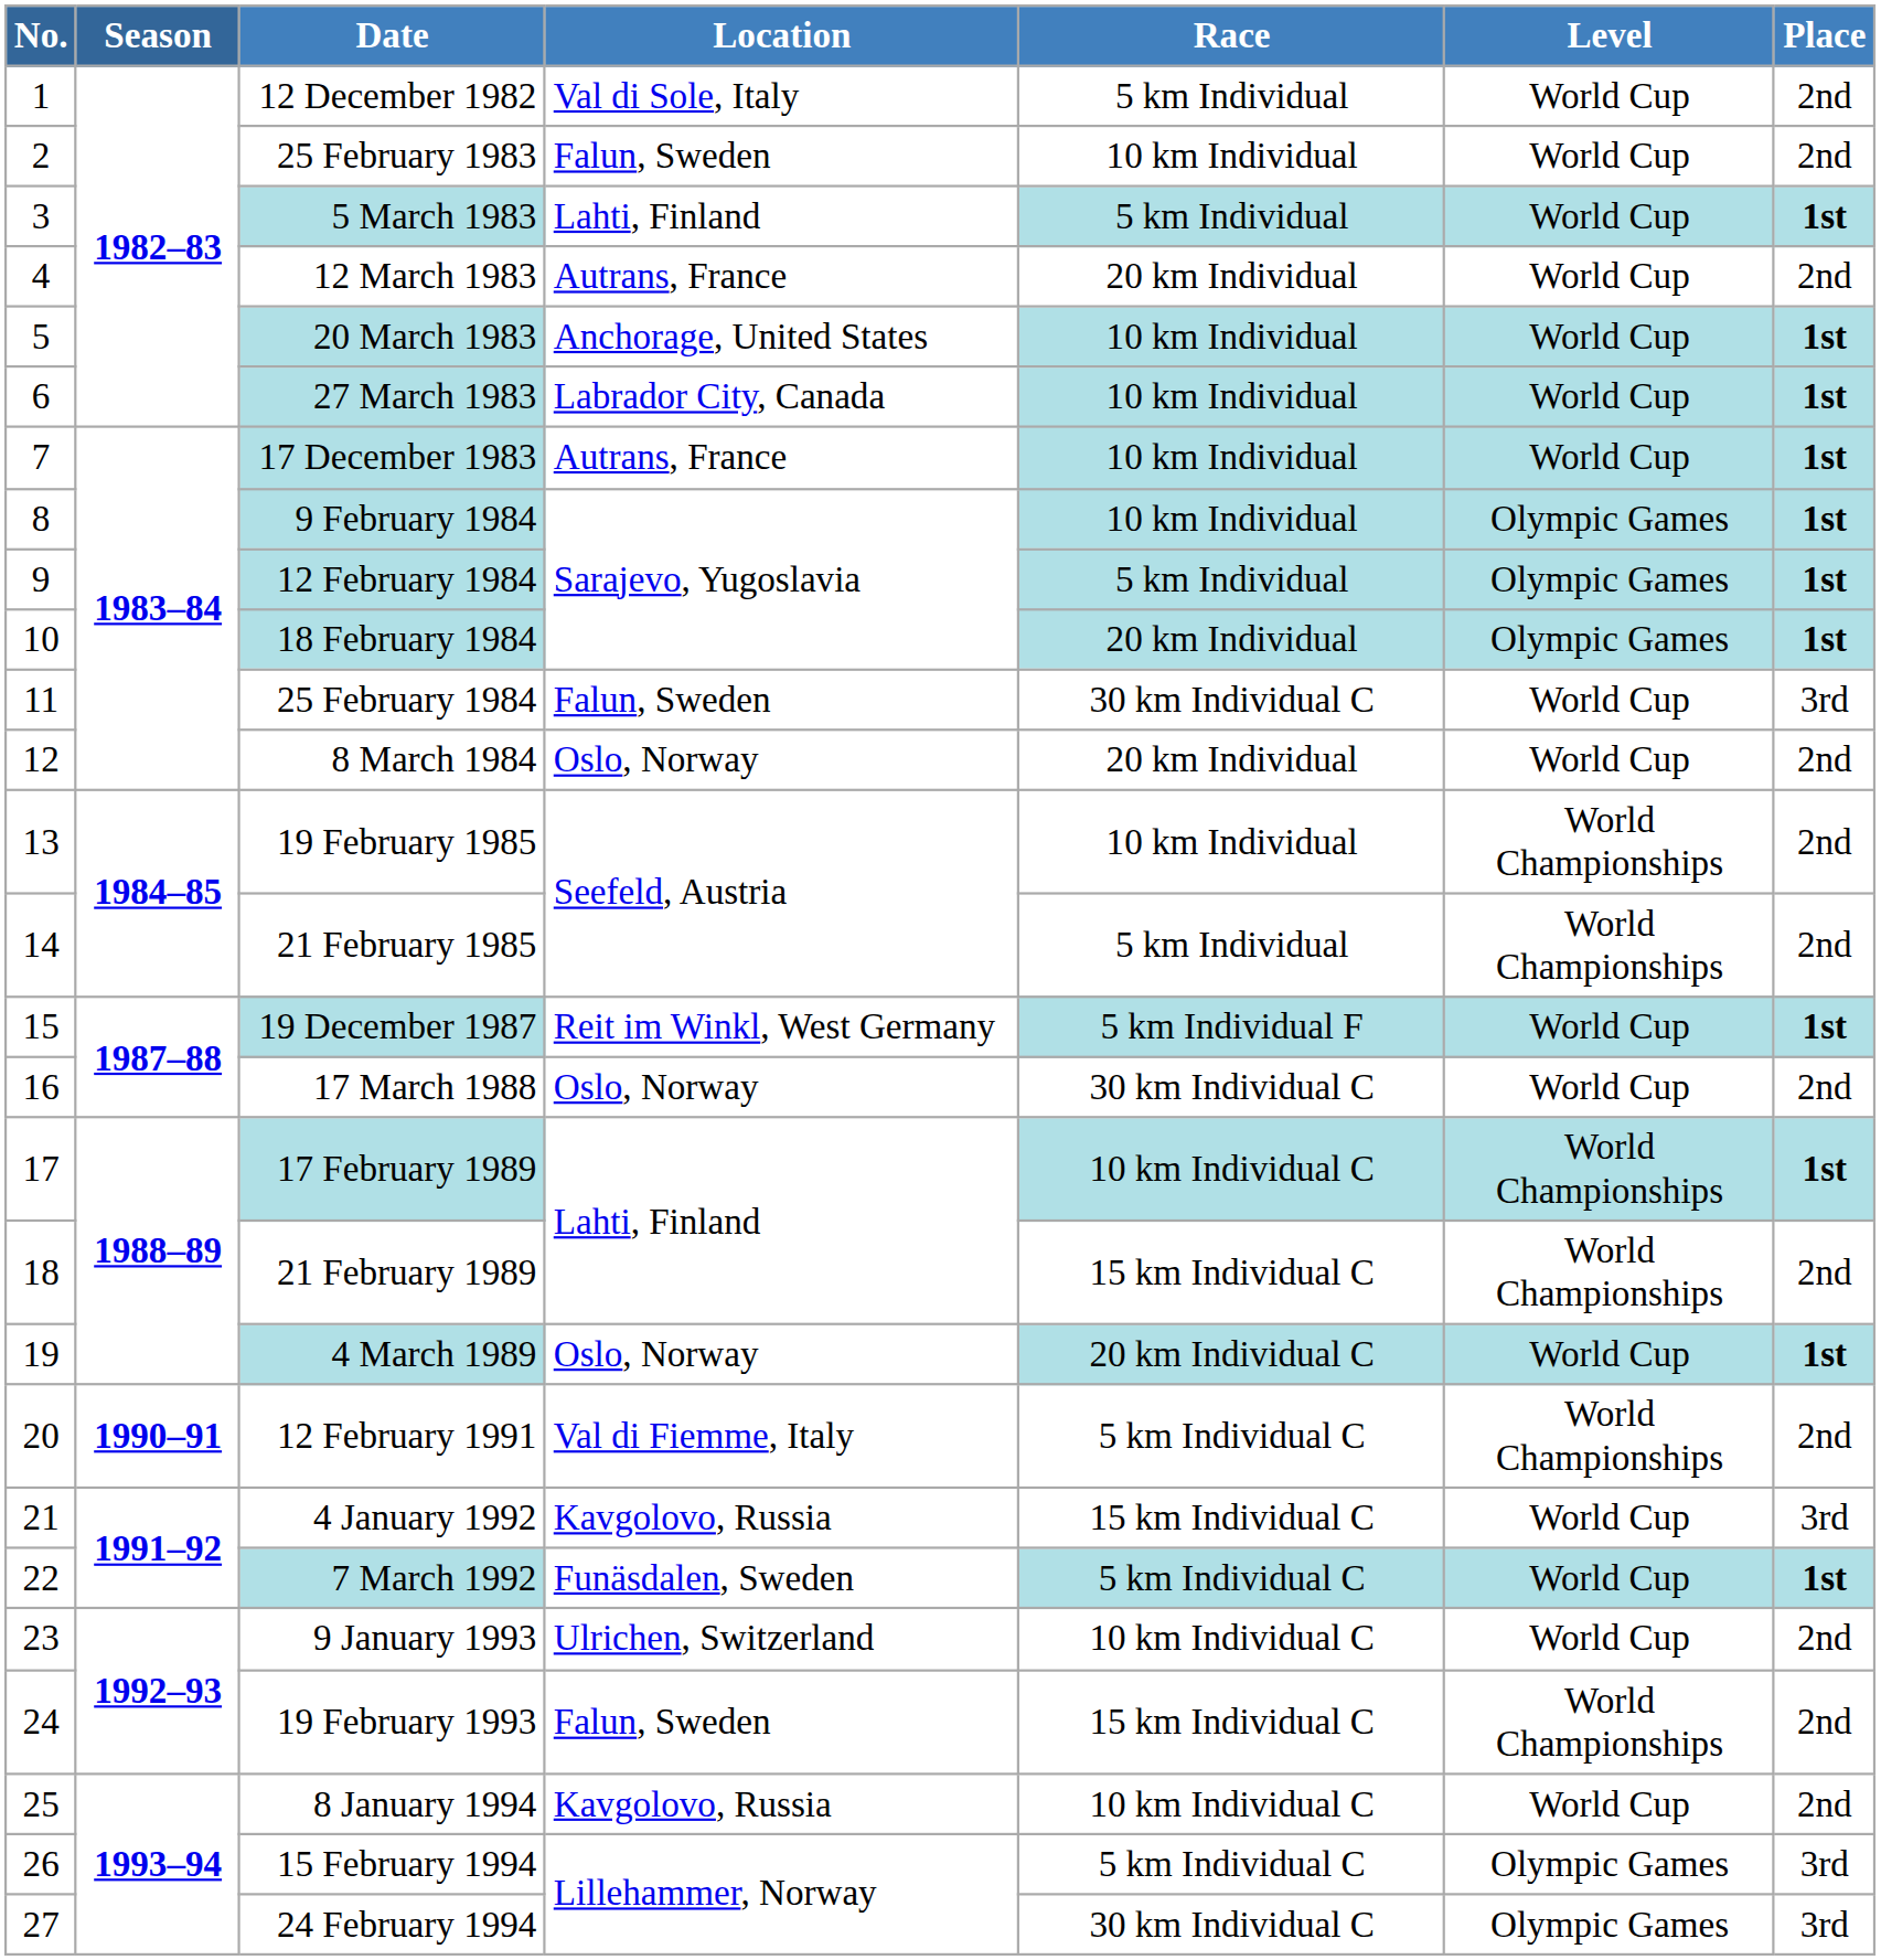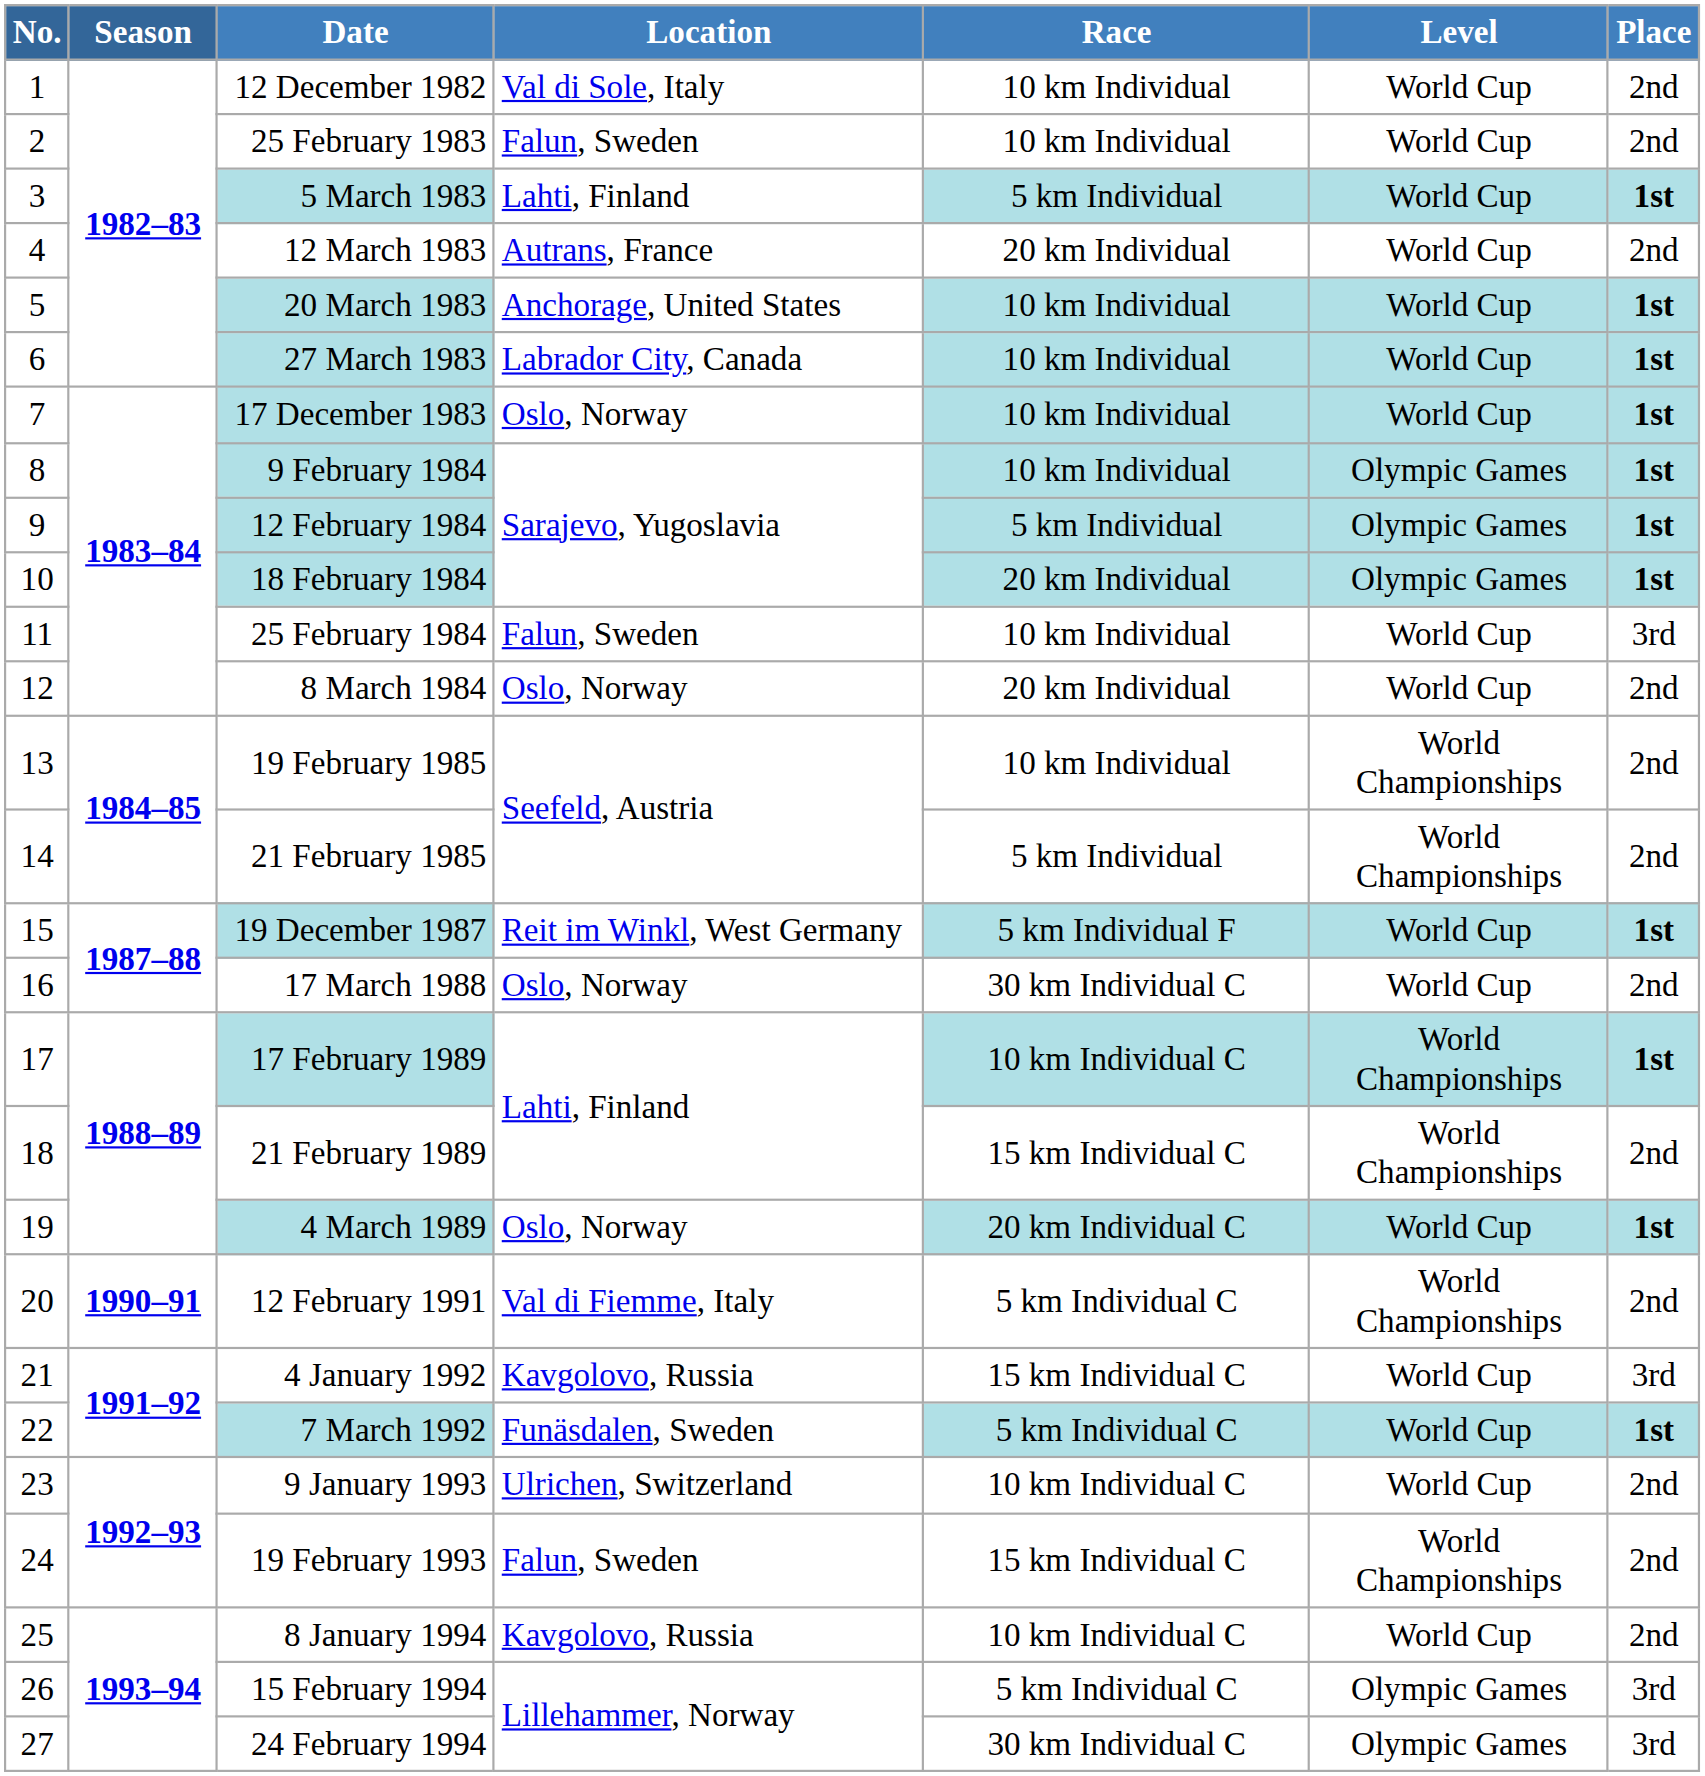 <table class="wikitable sortable" style="font-size:95%; text-align:center; border:grey solid 1px; border-collapse:collapse; background:#ffffff;">
 <tr style="background:#efefef;">
 <th style="background-color:#369; color:white;">No.</th>
 <th style="background-color:#369; color:white;">Season</th>
 <th style="background-color:#4180be; color:white; width:120px;">Date</th>
 <th style="background-color:#4180be; color:white; width:190px;">Location</th>
 <th style="background-color:#4180be; color:white; width:170px;">Race</th>
 <th style="background-color:#4180be; color:white; width:130px;">Level</th>
 <th style="background-color:#4180be; color:white;">Place</th>
 </tr>
 <tr>
 <td align=center>1</td>
 <td rowspan=6 align=center><strong> <a href='#'>1982–83</a> </strong></td>
 <td align=right>12 December 1982</td>
 <td align=left> <a href='#'>Val di Sole</a>, Italy</td>
-<td>5 km Individual</td>
+<td>10 km Individual</td>
 <td>World Cup</td>
 <td>2nd</td>
 </tr>
 <tr>
 <td align=center>2</td>
 <td align=right>25 February 1983</td>
 <td align=left> <a href='#'>Falun</a>, Sweden</td>
 <td>10 km Individual</td>
 <td>World Cup</td>
 <td>2nd</td>
 </tr>
 <tr>
 <td align=center>3</td>
 <td bgcolor="#BOEOE6" align=right>5 March 1983</td>
 <td align=left> <a href='#'>Lahti</a>, Finland</td>
 <td bgcolor="#BOEOE6">5 km Individual</td>
 <td bgcolor="#BOEOE6">World Cup</td>
 <td bgcolor="#BOEOE6"><strong>1st</strong></td>
 </tr>
 <tr>
 <td align=center>4</td>
 <td align=right>12 March 1983</td>
 <td align=left> <a href='#'>Autrans</a>, France</td>
 <td>20 km Individual</td>
 <td>World Cup</td>
 <td>2nd</td>
 </tr>
 <tr>
 <td align=center>5</td>
 <td bgcolor="#BOEOE6" align=right>20 March 1983</td>
 <td align=left> <a href='#'>Anchorage</a>, United States</td>
 <td bgcolor="#BOEOE6">10 km Individual</td>
 <td bgcolor="#BOEOE6">World Cup</td>
 <td bgcolor="#BOEOE6"><strong>1st</strong></td>
 </tr>
 <tr>
 <td align=center>6</td>
 <td bgcolor="#BOEOE6" align=right>27 March 1983</td>
 <td align=left> <a href='#'>Labrador City</a>, Canada</td>
 <td bgcolor="#BOEOE6">10 km Individual</td>
 <td bgcolor="#BOEOE6">World Cup</td>
 <td bgcolor="#BOEOE6"><strong>1st</strong></td>
 </tr>
 <tr>
 <td align=center>7</td>
 <td rowspan=6 align=center><strong><a href='#'>1983–84</a></strong></td>
 <td bgcolor="#BOEOE6" align=right>17 December 1983</td>
-<td align=left> <a href='#'>Autrans</a>, France</td>
+<td align=left> <a href='#'>Oslo</a>, Norway</td>
 <td bgcolor="#BOEOE6">10 km Individual</td>
 <td bgcolor="#BOEOE6">World Cup</td>
 <td bgcolor="#BOEOE6"><strong>1st</strong></td>
 </tr>
 <tr>
 <td align=center>8</td>
 <td bgcolor="#BOEOE6" align=right>9 February 1984</td>
 <td rowspan=3 align=left> <a href='#'>Sarajevo</a>, Yugoslavia</td>
 <td bgcolor="#BOEOE6">10 km Individual</td>
 <td bgcolor="#BOEOE6">Olympic Games</td>
 <td bgcolor="#BOEOE6"><strong>1st</strong></td>
 </tr>
 <tr>
 <td align=center>9</td>
 <td bgcolor="#BOEOE6" align=right>12 February 1984</td>
 <td bgcolor="#BOEOE6">5 km Individual</td>
 <td bgcolor="#BOEOE6">Olympic Games</td>
 <td bgcolor="#BOEOE6"><strong>1st</strong></td>
 </tr>
 <tr>
 <td align=center>10</td>
 <td bgcolor="#BOEOE6" align=right>18 February 1984</td>
 <td bgcolor="#BOEOE6">20 km Individual</td>
 <td bgcolor="#BOEOE6">Olympic Games</td>
 <td bgcolor="#BOEOE6"><strong>1st</strong></td>
 </tr>
 <tr>
 <td align=center>11</td>
 <td align=right>25 February 1984</td>
 <td align=left> <a href='#'>Falun</a>, Sweden</td>
-<td>30 km Individual C</td>
+<td>10 km Individual</td>
 <td>World Cup</td>
 <td>3rd</td>
 </tr>
 <tr>
 <td align=center>12</td>
 <td align=right>8 March 1984</td>
 <td align=left> <a href='#'>Oslo</a>, Norway</td>
 <td>20 km Individual</td>
 <td>World Cup</td>
 <td>2nd</td>
 </tr>
 <tr>
 <td align=center>13</td>
 <td rowspan=2 align=center><strong> <a href='#'>1984–85</a> </strong></td>
 <td align=right>19 February 1985</td>
 <td rowspan=2 align=left> <a href='#'>Seefeld</a>, Austria</td>
 <td>10 km Individual</td>
 <td>World Championships</td>
 <td>2nd</td>
 </tr>
 <tr>
 <td align=center>14</td>
 <td align=right>21 February 1985</td>
 <td>5 km Individual</td>
 <td>World Championships</td>
 <td>2nd</td>
 </tr>
 <tr>
 <td align=center>15</td>
 <td rowspan=2 align=center><strong><a href='#'>1987–88</a></strong></td>
 <td bgcolor="#BOEOE6" align=right>19 December 1987</td>
 <td align=left> <a href='#'>Reit im Winkl</a>, West Germany</td>
 <td bgcolor="#BOEOE6">5 km Individual F</td>
 <td bgcolor="#BOEOE6">World Cup</td>
 <td bgcolor="#BOEOE6"><strong>1st</strong></td>
 </tr>
 <tr>
 <td align=center>16</td>
 <td align=right>17 March 1988</td>
 <td align=left> <a href='#'>Oslo</a>, Norway</td>
 <td>30 km Individual C</td>
 <td>World Cup</td>
 <td>2nd</td>
 </tr>
 <tr>
 <td align=center>17</td>
 <td rowspan=3 align=center><strong><a href='#'>1988–89</a></strong></td>
 <td bgcolor="#BOEOE6" align=right>17 February 1989</td>
 <td rowspan=2 align=left> <a href='#'>Lahti</a>, Finland</td>
 <td bgcolor="#BOEOE6">10 km Individual C</td>
 <td bgcolor="#BOEOE6">World Championships</td>
 <td bgcolor="#BOEOE6"><strong>1st</strong></td>
 </tr>
 <tr>
 <td align=center>18</td>
 <td align=right>21 February 1989</td>
 <td>15 km Individual C</td>
 <td>World Championships</td>
 <td>2nd</td>
 </tr>
 <tr>
 <td align=center>19</td>
 <td bgcolor="#BOEOE6" align=right>4 March 1989</td>
 <td align=left> <a href='#'>Oslo</a>, Norway</td>
 <td bgcolor="#BOEOE6">20 km Individual C</td>
 <td bgcolor="#BOEOE6">World Cup</td>
 <td bgcolor="#BOEOE6"><strong>1st</strong></td>
 </tr>
 <tr>
 <td align=center>20</td>
 <td rowspan=1 align=center><strong> <a href='#'>1990–91</a> </strong></td>
 <td align=right>12 February 1991</td>
 <td align=left> <a href='#'>Val di Fiemme</a>, Italy</td>
 <td>5 km Individual C</td>
 <td>World Championships</td>
 <td>2nd</td>
 </tr>
 <tr>
 <td align=center>21</td>
 <td rowspan=2 align=center><strong> <a href='#'>1991–92</a> </strong></td>
 <td align=right>4 January 1992</td>
 <td align=left> <a href='#'>Kavgolovo</a>, Russia</td>
 <td>15 km Individual C</td>
 <td>World Cup</td>
 <td>3rd</td>
 </tr>
 <tr>
 <td align=center>22</td>
 <td bgcolor="#BOEOE6" align=right>7 March 1992</td>
 <td align=left> <a href='#'>Funäsdalen</a>, Sweden</td>
 <td bgcolor="#BOEOE6">5 km Individual C</td>
 <td bgcolor="#BOEOE6">World Cup</td>
 <td bgcolor="#BOEOE6"><strong>1st</strong></td>
 </tr>
 <tr>
 <td align=center>23</td>
 <td rowspan=2 align=center><strong> <a href='#'>1992–93</a> </strong></td>
 <td align=right>9 January 1993</td>
 <td align=left> <a href='#'>Ulrichen</a>, Switzerland</td>
 <td>10 km Individual C</td>
 <td>World Cup</td>
 <td>2nd</td>
 </tr>
 <tr>
 <td align=center>24</td>
 <td align=right>19 February 1993</td>
 <td align=left> <a href='#'>Falun</a>, Sweden</td>
 <td>15 km Individual C</td>
 <td>World Championships</td>
 <td>2nd</td>
 </tr>
 <tr>
 <td align=center>25</td>
 <td rowspan=3 align=center><strong> <a href='#'>1993–94</a> </strong></td>
 <td align=right>8 January 1994</td>
 <td align=left> <a href='#'>Kavgolovo</a>, Russia</td>
 <td>10 km Individual C</td>
 <td>World Cup</td>
 <td>2nd</td>
 </tr>
 <tr>
 <td align=center>26</td>
 <td align=right>15 February 1994</td>
 <td rowspan=2 align=left> <a href='#'>Lillehammer</a>, Norway</td>
 <td>5 km Individual C</td>
 <td>Olympic Games</td>
 <td>3rd</td>
 </tr>
 <tr>
 <td align=center>27</td>
 <td align=right>24 February 1994</td>
 <td>30 km Individual C</td>
 <td>Olympic Games</td>
 <td>3rd</td>
 </tr>
 </table>
